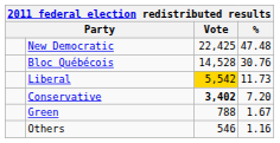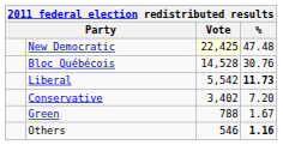 <table class="wikitable">
 <tr>
 <th colspan="4"><a href='#'>2011 federal election</a> redistributed results</th>
 </tr>
 <tr>
 <th bgcolor="#DDDDFF" width="130px" colspan="2">Party</th>
 <th bgcolor="#DDDDFF" width="50px">Vote</th>
 <th bgcolor="#DDDDFF" width="30px">%</th>
 </tr>
 <tr>
 <td> </td>
 <td><a href='#'>New Democratic</a></td>
-<td align=right>22,425</td>
+<td align=right style="background: lightyellow;">22,425</td>
 <td align=right>47.48</td>
 </tr>
 <tr>
 <td> </td>
 <td><a href='#'>Bloc Québécois</a></td>
 <td align=right>14,528</td>
 <td align=right>30.76</td>
 </tr>
 <tr>
 <td> </td>
 <td><a href='#'>Liberal</a></td>
-<td align=right style="background: gold;">5,542</td>
-<td align=right>11.73</td>
+<td align=right>5,542</td>
+<td align=right><strong>11.73</strong></td>
 </tr>
 <tr>
 <td> </td>
 <td><a href='#'>Conservative</a></td>
-<td align=right><strong>3,402</strong></td>
+<td align=right>3,402</td>
 <td align=right>7.20</td>
 </tr>
 <tr>
 <td> </td>
 <td><a href='#'>Green</a></td>
 <td align=right>788</td>
 <td align=right>1.67</td>
 </tr>
 <tr>
 <td> </td>
 <td>Others</td>
 <td align=right>546</td>
-<td align=right>1.16</td>
+<td align=right><strong>1.16</strong></td>
 </tr>
 </table>
